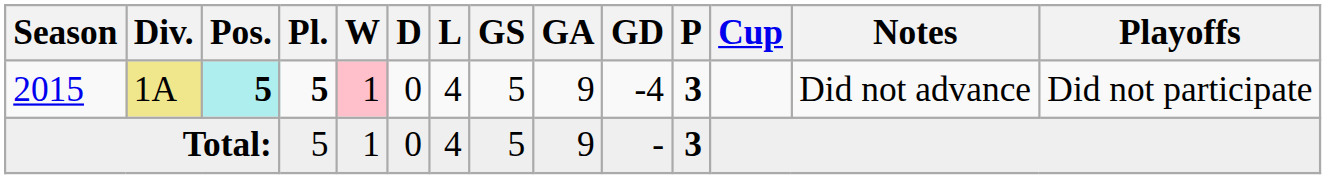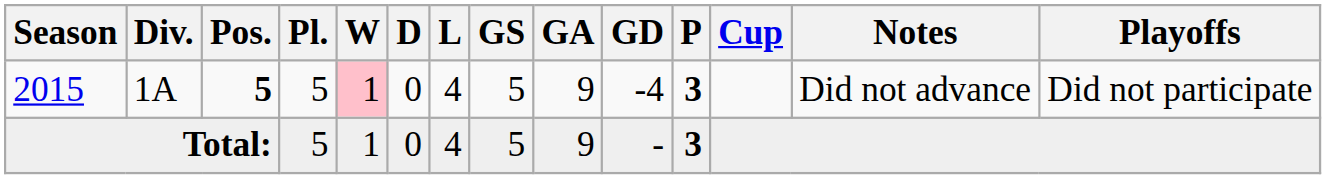 <table class="wikitable">
 <tr style="background:#efefef;">
 <th>Season</th>
 <th>Div.</th>
 <th>Pos.</th>
 <th>Pl.</th>
 <th>W</th>
 <th>D</th>
 <th>L</th>
 <th>GS</th>
 <th>GA</th>
 <th>GD</th>
 <th>P</th>
 <th><a href='#'>Cup</a></th>
 <th>Notes</th>
 <th>Playoffs</th>
 </tr>
 <tr>
 <td><a href='#'>2015</a></td>
-<td style="background: khaki;">1A</td>
-<td align=right style="background: paleturquoise;"><strong>5</strong></td>
+<td>1A</td>
 <td align=right><strong>5</strong></td>
+<td align=right>5</td>
 <td align=right style="background: pink;">1</td>
 <td align=right>0</td>
 <td align=right>4</td>
 <td align=right>5</td>
 <td align=right>9</td>
 <td align=right>-4</td>
 <td align=right><strong>3</strong></td>
 <td></td>
 <td>Did not advance</td>
 <td>Did not participate</td>
 </tr>
 <tr style="background:#efefef">
 <td align=right colspan=3><strong>Total:</strong></td>
 <td align=right>5</td>
 <td align=right>1</td>
 <td align=right>0</td>
 <td align=right>4</td>
 <td align=right>5</td>
 <td align=right>9</td>
 <td align=right>-</td>
 <td align=right><strong>3</strong></td>
 <td colspan=3 bgcolor=#efefef></td>
 </tr>
 </table>
